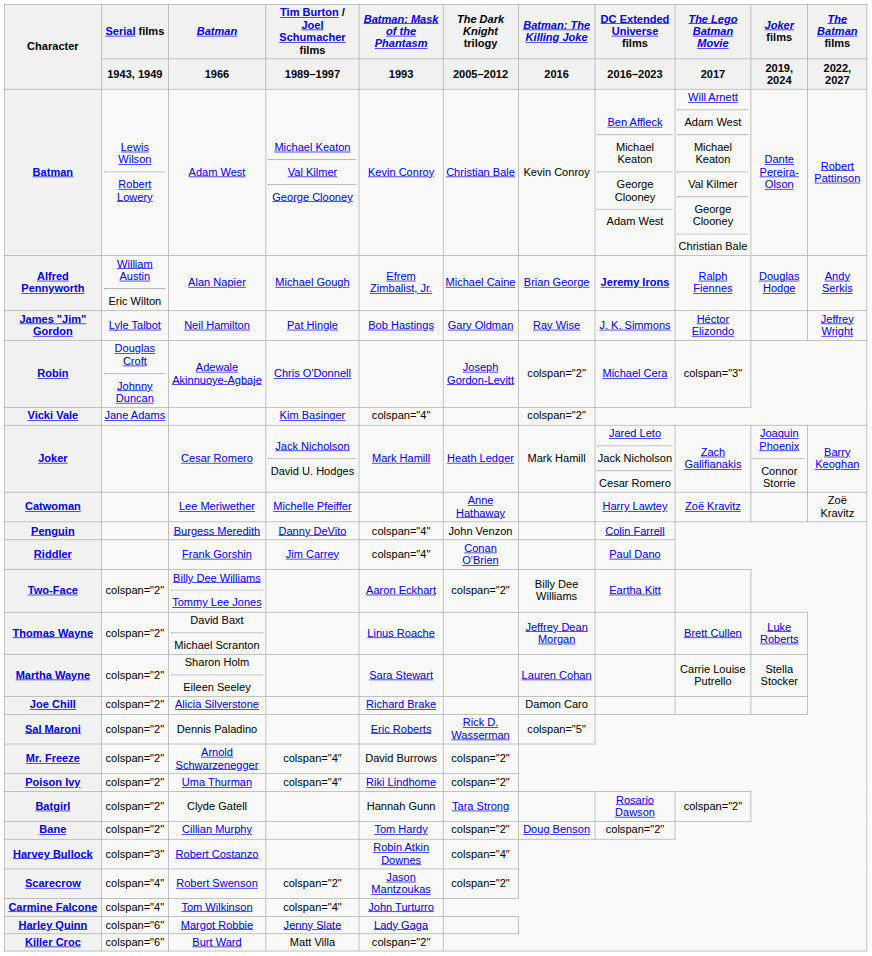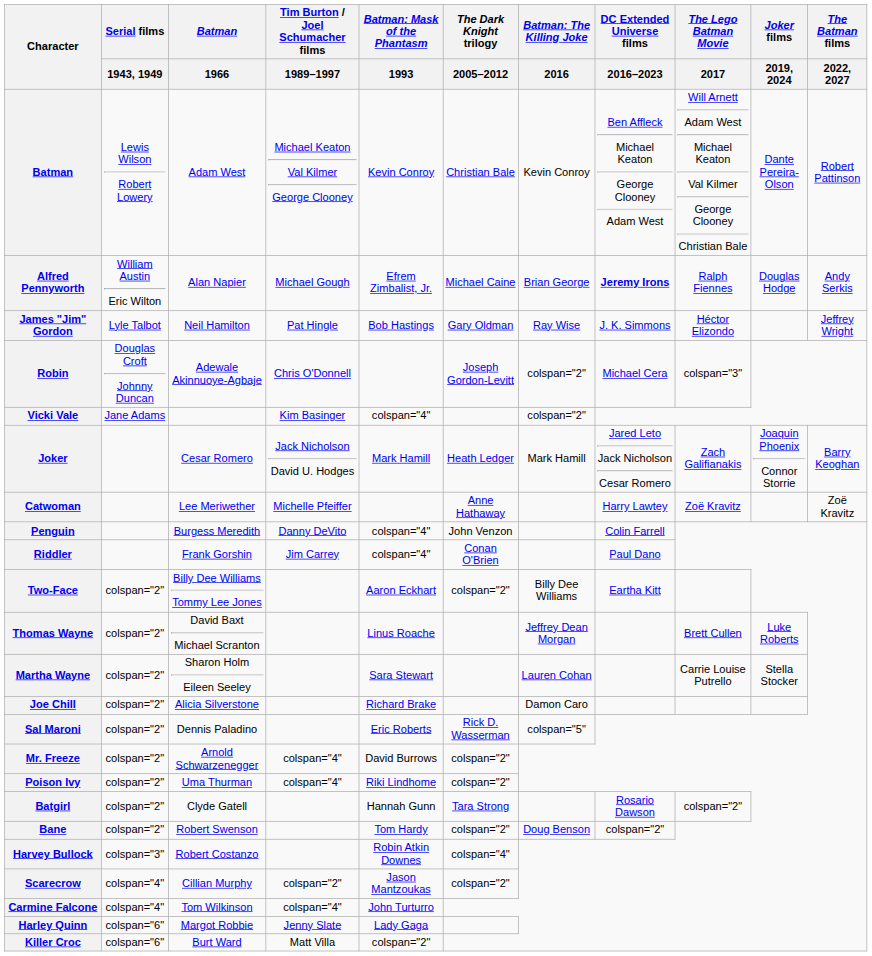 <table class="wikitable" style="text-align:center; width:99%;">
 <tr>
 <th rowspan="2" style="width:11.25%;">Character</th>
 <th><a href='#'>Serial</a> films</th>
 <th><em><a href='#'>Batman</a></em></th>
 <th><a href='#'>Tim Burton</a> / <a href='#'>Joel Schumacher</a> films</th>
 <th><em><a href='#'>Batman: Mask of the Phantasm</a></em></th>
 <th><em>The Dark Knight</em> trilogy</th>
 <th><em><a href='#'>Batman: The Killing Joke</a></em></th>
 <th><a href='#'>DC Extended Universe</a> films</th>
 <th><em><a href='#'>The Lego Batman Movie</a></em></th>
 <th><em><a href='#'>Joker</a></em> films</th>
 <th><em><a href='#'>The Batman</a></em> films</th>
 </tr>
 <tr>
 <th>1943, 1949</th>
 <th>1966</th>
 <th>1989–1997</th>
 <th>1993</th>
 <th>2005–2012</th>
 <th>2016</th>
 <th>2016–2023</th>
 <th>2017</th>
 <th>2019, 2024</th>
 <th>2022, 2027</th>
 </tr>
 <tr>
 <th><a href='#'>Batman</a></th>
 <td><a href='#'>Lewis Wilson</a><hr><a href='#'>Robert Lowery</a></td>
 <td><a href='#'>Adam West</a></td>
 <td><a href='#'>Michael Keaton</a><br><hr><a href='#'>Val Kilmer</a><br><hr><a href='#'>George Clooney</a><br></td>
 <td><a href='#'>Kevin Conroy</a></td>
 <td><a href='#'>Christian Bale</a><br></td>
 <td>Kevin Conroy</td>
 <td><a href='#'>Ben Affleck</a><br><hr>Michael Keaton<hr>George Clooney<hr>Adam West</td>
 <td><a href='#'>Will Arnett</a><hr>Adam West<hr>Michael Keaton<hr>Val Kilmer<hr>George Clooney<hr>Christian Bale</td>
 <td><a href='#'>Dante Pereira-Olson</a></td>
 <td><a href='#'>Robert Pattinson</a><br></td>
 </tr>
 <tr>
 <th><a href='#'>Alfred Pennyworth</a></th>
 <td><a href='#'>William Austin</a><hr>Eric Wilton</td>
 <td><a href='#'>Alan Napier</a></td>
 <td><a href='#'>Michael Gough</a><br></td>
 <td><a href='#'>Efrem Zimbalist, Jr.</a></td>
 <td><a href='#'>Michael Caine</a></td>
 <td><a href='#'>Brian George</a></td>
 <td><strong><a href='#'>Jeremy Irons</a></strong></td>
 <td><a href='#'>Ralph Fiennes</a></td>
 <td><a href='#'>Douglas Hodge</a></td>
 <td><a href='#'>Andy Serkis</a></td>
 </tr>
 <tr>
 <th><a href='#'>James "Jim" Gordon</a></th>
 <td><a href='#'>Lyle Talbot</a></td>
 <td><a href='#'>Neil Hamilton</a></td>
 <td><a href='#'>Pat Hingle</a></td>
 <td><a href='#'>Bob Hastings</a></td>
 <td><a href='#'>Gary Oldman</a></td>
 <td><a href='#'>Ray Wise</a></td>
 <td><a href='#'>J. K. Simmons</a></td>
 <td><a href='#'>Héctor Elizondo</a></td>
 <td></td>
 <td><a href='#'>Jeffrey Wright</a></td>
 </tr>
 <tr>
 <th><a href='#'>Robin</a></th>
 <td><a href='#'>Douglas Croft</a><hr><a href='#'>Johnny Duncan</a></td>
 <td><a href='#'>Adewale Akinnuoye-Agbaje</a></td>
 <td><a href='#'>Chris O'Donnell</a></td>
 <td></td>
 <td><a href='#'>Joseph Gordon-Levitt</a></td>
 <td>colspan="2" </td>
 <td><a href='#'>Michael Cera</a></td>
 <td>colspan="3" </td>
 </tr>
 <tr>
 <th><a href='#'>Vicki Vale</a></th>
 <td><a href='#'>Jane Adams</a></td>
 <td></td>
 <td><a href='#'>Kim Basinger</a></td>
 <td>colspan="4" </td>
 <td></td>
 <td>colspan="2" </td>
 </tr>
 <tr>
 <th><a href='#'>Joker</a></th>
 <td></td>
 <td><a href='#'>Cesar Romero</a></td>
 <td><a href='#'>Jack Nicholson</a><br><hr>David U. Hodges</td>
 <td><a href='#'>Mark Hamill</a></td>
 <td><a href='#'>Heath Ledger</a></td>
 <td>Mark Hamill</td>
 <td><a href='#'>Jared Leto</a><hr>Jack Nicholson<hr>Cesar Romero</td>
 <td><a href='#'>Zach Galifianakis</a></td>
 <td><a href='#'>Joaquin Phoenix</a><hr>Connor Storrie</td>
 <td><a href='#'>Barry Keoghan</a></td>
 </tr>
 <tr>
 <th><a href='#'>Catwoman</a></th>
 <td></td>
 <td><a href='#'>Lee Meriwether</a></td>
 <td><a href='#'>Michelle Pfeiffer</a></td>
 <td></td>
 <td><a href='#'>Anne Hathaway</a></td>
 <td></td>
 <td><a href='#'>Harry Lawtey</a></td>
 <td><a href='#'>Zoë Kravitz</a></td>
 <td></td>
 <td>Zoë Kravitz</td>
 </tr>
 <tr>
 <th><a href='#'>Penguin</a></th>
 <td></td>
 <td><a href='#'>Burgess Meredith</a></td>
 <td><a href='#'>Danny DeVito</a></td>
 <td>colspan="4" </td>
 <td>John Venzon</td>
 <td></td>
 <td><a href='#'>Colin Farrell</a></td>
 </tr>
 <tr>
 <th><a href='#'>Riddler</a></th>
 <td></td>
 <td><a href='#'>Frank Gorshin</a></td>
 <td><a href='#'>Jim Carrey</a></td>
 <td>colspan="4" </td>
 <td><a href='#'>Conan O'Brien</a></td>
 <td></td>
 <td><a href='#'>Paul Dano</a><br></td>
 </tr>
 <tr>
 <th><a href='#'>Two-Face</a></th>
 <td>colspan="2" </td>
 <td><a href='#'>Billy Dee Williams</a><hr><a href='#'>Tommy Lee Jones</a></td>
 <td></td>
 <td><a href='#'>Aaron Eckhart</a></td>
 <td>colspan="2" </td>
 <td>Billy Dee Williams</td>
 <td><a href='#'>Eartha Kitt</a></td>
 <td></td>
 </tr>
 <tr>
 <th><a href='#'>Thomas Wayne</a></th>
 <td>colspan="2" </td>
 <td>David Baxt<hr>Michael Scranton</td>
 <td></td>
 <td><a href='#'>Linus Roache</a></td>
 <td></td>
 <td><a href='#'>Jeffrey Dean Morgan</a></td>
 <td></td>
 <td><a href='#'>Brett Cullen</a></td>
 <td><a href='#'>Luke Roberts</a></td>
 </tr>
 <tr>
 <th><a href='#'>Martha Wayne</a></th>
 <td>colspan="2" </td>
 <td>Sharon Holm<hr>Eileen Seeley</td>
 <td></td>
 <td><a href='#'>Sara Stewart</a></td>
 <td></td>
 <td><a href='#'>Lauren Cohan</a></td>
 <td></td>
 <td>Carrie Louise Putrello</td>
 <td>Stella Stocker</td>
 </tr>
 <tr>
 <th><a href='#'>Joe Chill</a></th>
 <td>colspan="2" </td>
 <td><a href='#'>Alicia Silverstone</a></td>
 <td></td>
 <td><a href='#'>Richard Brake</a></td>
 <td></td>
 <td>Damon Caro</td>
 <td></td>
 <td></td>
 <td></td>
 </tr>
 <tr>
 <th><a href='#'>Sal Maroni</a></th>
 <td>colspan="2" </td>
 <td>Dennis Paladino</td>
 <td></td>
 <td><a href='#'>Eric Roberts</a></td>
 <td><a href='#'>Rick D. Wasserman</a></td>
 <td>colspan="5" </td>
 </tr>
 <tr>
 <th><a href='#'>Mr. Freeze</a></th>
 <td>colspan="2" </td>
 <td><a href='#'>Arnold Schwarzenegger</a></td>
 <td>colspan="4" </td>
 <td>David Burrows</td>
 <td>colspan="2" </td>
 </tr>
 <tr>
 <th><a href='#'>Poison Ivy</a></th>
 <td>colspan="2" </td>
 <td><a href='#'>Uma Thurman</a></td>
 <td>colspan="4" </td>
 <td><a href='#'>Riki Lindhome</a></td>
 <td>colspan="2" </td>
 </tr>
 <tr>
 <th><a href='#'>Batgirl</a></th>
 <td>colspan="2" </td>
 <td>Clyde Gatell</td>
 <td></td>
 <td>Hannah Gunn</td>
 <td><a href='#'>Tara Strong</a></td>
 <td></td>
 <td><a href='#'>Rosario Dawson</a></td>
 <td>colspan="2" </td>
 </tr>
 <tr>
 <th><a href='#'>Bane</a><br></th>
 <td>colspan="2" </td>
-<td><a href='#'>Cillian Murphy</a></td>
+<td><a href='#'>Robert Swenson</a><br></td>
 <td></td>
 <td><a href='#'>Tom Hardy</a></td>
 <td>colspan="2" </td>
 <td><a href='#'>Doug Benson</a></td>
 <td>colspan="2" </td>
 </tr>
 <tr>
 <th><a href='#'>Harvey Bullock</a></th>
 <td>colspan="3" </td>
 <td><a href='#'>Robert Costanzo</a></td>
 <td></td>
 <td><a href='#'>Robin Atkin Downes</a></td>
 <td>colspan="4" </td>
 </tr>
 <tr>
 <th><a href='#'>Scarecrow</a></th>
 <td>colspan="4" </td>
-<td><a href='#'>Robert Swenson</a><br></td>
+<td><a href='#'>Cillian Murphy</a></td>
 <td>colspan="2" </td>
 <td><a href='#'>Jason Mantzoukas</a></td>
 <td>colspan="2" </td>
 </tr>
 <tr>
 <th><a href='#'>Carmine Falcone</a></th>
 <td>colspan="4" </td>
 <td><a href='#'>Tom Wilkinson</a></td>
 <td>colspan="4" </td>
 <td><a href='#'>John Turturro</a></td>
 </tr>
 <tr>
 <th><a href='#'>Harley Quinn</a></th>
 <td>colspan="6" </td>
 <td><a href='#'>Margot Robbie</a></td>
 <td><a href='#'>Jenny Slate</a></td>
 <td><a href='#'>Lady Gaga</a></td>
 <td></td>
 </tr>
 <tr>
 <th><a href='#'>Killer Croc</a></th>
 <td>colspan="6" </td>
 <td><a href='#'>Burt Ward</a></td>
 <td>Matt Villa</td>
 <td>colspan="2" </td>
 </tr>
 </table>
